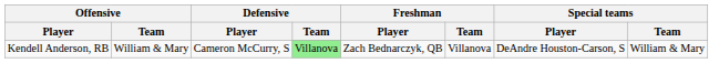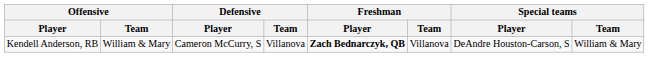 <table class="wikitable" border="1">
 <tr>
 <th colspan="2">Offensive</th>
 <th colspan="2">Defensive</th>
 <th colspan="2">Freshman</th>
 <th colspan="2">Special teams</th>
 </tr>
 <tr>
 <th>Player</th>
 <th>Team</th>
 <th>Player</th>
 <th>Team</th>
 <th>Player</th>
 <th>Team</th>
 <th>Player</th>
 <th>Team</th>
 </tr>
 <tr>
 <td>Kendell Anderson, RB</td>
 <td>William & Mary</td>
 <td>Cameron McCurry, S</td>
-<td style="background: lightgreen;">Villanova</td>
-<td>Zach Bednarczyk, QB</td>
+<td>Villanova</td>
+<td><strong>Zach Bednarczyk, QB</strong></td>
 <td>Villanova</td>
 <td>DeAndre Houston-Carson, S</td>
 <td>William & Mary</td>
 </tr>
 </table>
